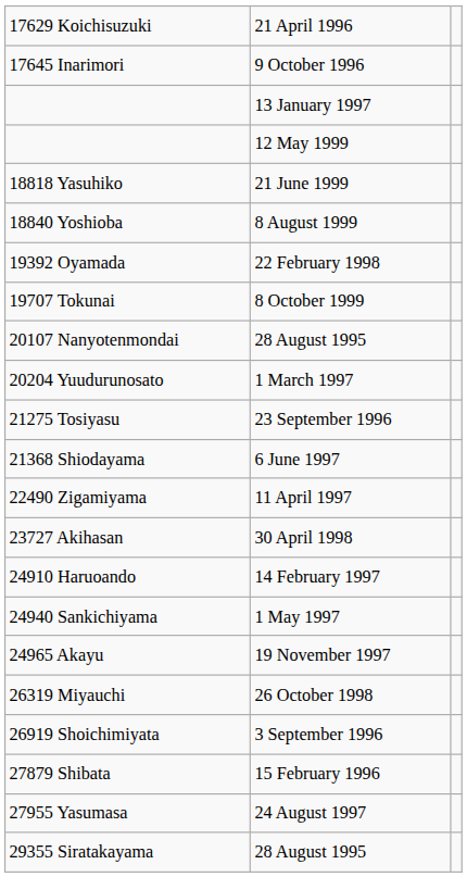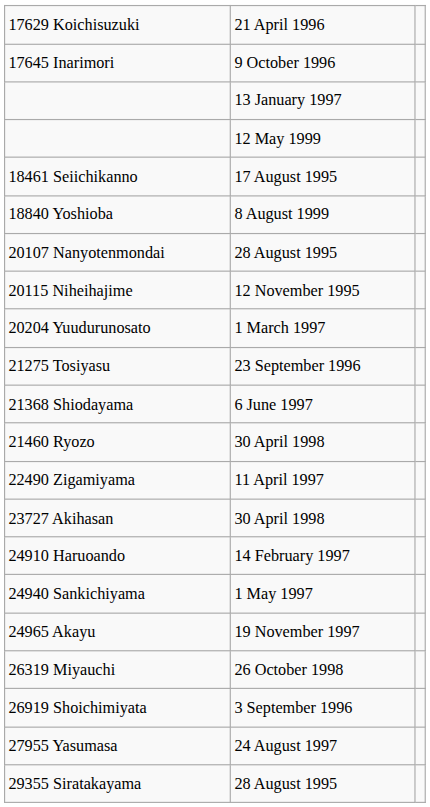 <table class="wikitable" style="font-size: 89%; float: left; width: 26em; margin-right: 1em; height: 700px;">
 <tr>
 <td>17629 Koichisuzuki</td>
 <td>21 April 1996</td>
 <td></td>
 </tr>
 <tr>
 <td>17645 Inarimori</td>
 <td>9 October 1996</td>
 <td></td>
 </tr>
 <tr>
 <td></td>
 <td>13 January 1997</td>
 <td></td>
 </tr>
 <tr>
 <td></td>
 <td>12 May 1999</td>
 <td></td>
 </tr>
 <tr>
-<td>18818 Yasuhiko</td>
-<td>21 June 1999</td>
+<td>18461 Seiichikanno</td>
+<td>17 August 1995</td>
 <td></td>
 </tr>
 <tr>
 <td>18840 Yoshioba</td>
 <td>8 August 1999</td>
 <td></td>
 </tr>
 <tr>
-<td>19392 Oyamada</td>
-<td>22 February 1998</td>
+<td>20107 Nanyotenmondai</td>
+<td>28 August 1995</td>
 <td></td>
 </tr>
 <tr>
-<td>19707 Tokunai</td>
-<td>8 October 1999</td>
-<td></td>
-</tr>
-<tr>
-<td>20107 Nanyotenmondai</td>
-<td>28 August 1995</td>
+<td>20115 Niheihajime</td>
+<td>12 November 1995</td>
 <td></td>
 </tr>
 <tr>
 <td>20204 Yuudurunosato</td>
 <td>1 March 1997</td>
 <td></td>
 </tr>
 <tr>
 <td>21275 Tosiyasu</td>
 <td>23 September 1996</td>
 <td></td>
 </tr>
 <tr>
 <td>21368 Shiodayama</td>
 <td>6 June 1997</td>
+<td></td>
+</tr>
+<tr>
+<td>21460 Ryozo</td>
+<td>30 April 1998</td>
 <td></td>
 </tr>
 <tr>
 <td>22490 Zigamiyama</td>
 <td>11 April 1997</td>
 <td></td>
 </tr>
 <tr>
 <td>23727 Akihasan</td>
 <td>30 April 1998</td>
 <td></td>
 </tr>
 <tr>
 <td>24910 Haruoando</td>
 <td>14 February 1997</td>
 <td></td>
 </tr>
 <tr>
 <td>24940 Sankichiyama</td>
 <td>1 May 1997</td>
 <td></td>
 </tr>
 <tr>
 <td>24965 Akayu</td>
 <td>19 November 1997</td>
 <td></td>
 </tr>
 <tr>
 <td>26319 Miyauchi</td>
 <td>26 October 1998</td>
 <td></td>
 </tr>
 <tr>
 <td>26919 Shoichimiyata</td>
 <td>3 September 1996</td>
 <td></td>
 </tr>
 <tr>
-<td>27879 Shibata</td>
-<td>15 February 1996</td>
-<td></td>
-</tr>
-<tr>
 <td>27955 Yasumasa</td>
 <td>24 August 1997</td>
 <td></td>
 </tr>
 <tr>
 <td>29355 Siratakayama</td>
 <td>28 August 1995</td>
 <td></td>
 </tr>
 </table>
